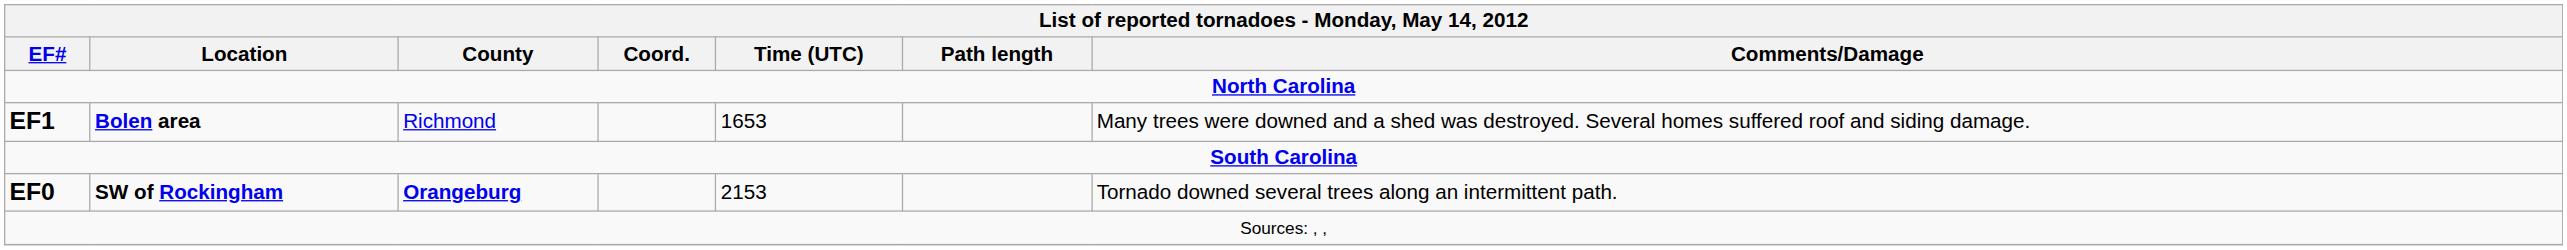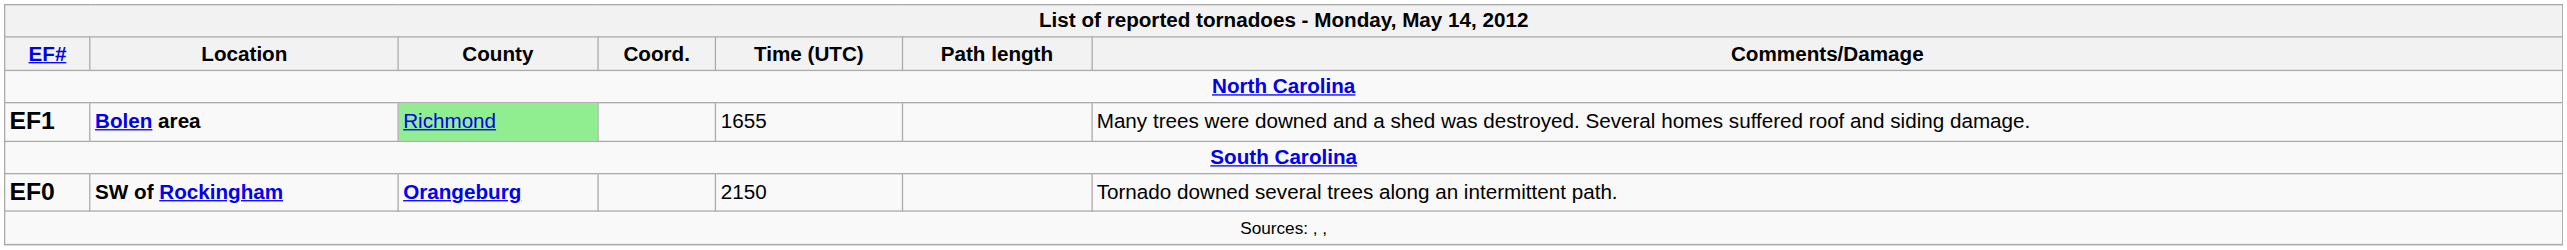 <table class="wikitable collapsible" width="100%">
 <tr>
 <th colspan="7">List of reported tornadoes - Monday, May 14, 2012</th>
 </tr>
 <tr>
 <th><a href='#'>EF#</a></th>
 <th>Location</th>
 <th>County</th>
 <th>Coord.</th>
 <th>Time (UTC)</th>
 <th>Path length</th>
 <th>Comments/Damage</th>
 </tr>
 <tr>
 <td colspan="7" align=center><strong><a href='#'>North Carolina</a></strong></td>
 </tr>
 <tr>
 <td><big><strong>EF1</strong></big></td>
 <td><strong><a href='#'>Bolen</a> area</strong></td>
-<td><a href='#'>Richmond</a></td>
+<td style="background: lightgreen;"><a href='#'>Richmond</a></td>
 <td></td>
-<td>1653</td>
+<td>1655</td>
 <td></td>
 <td>Many trees were downed and a shed was destroyed. Several homes suffered roof and siding damage.</td>
 </tr>
 <tr>
 <td colspan="7" align=center><strong><a href='#'>South Carolina</a></strong></td>
 </tr>
 <tr>
 <td><big><strong>EF0</strong></big></td>
 <td><strong>SW of <a href='#'>Rockingham</a></strong></td>
 <td><strong><a href='#'>Orangeburg</a></strong></td>
 <td></td>
-<td>2153</td>
+<td>2150</td>
 <td></td>
 <td>Tornado downed several trees along an intermittent path.</td>
 </tr>
 <tr>
 <td colspan="7" align=center><small>Sources: , , </small></td>
 </tr>
 <tr>
 </tr>
 </table>
